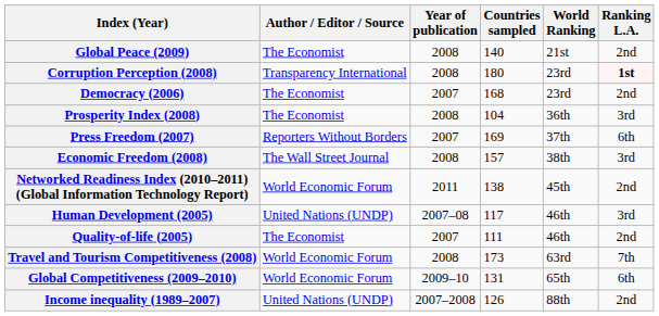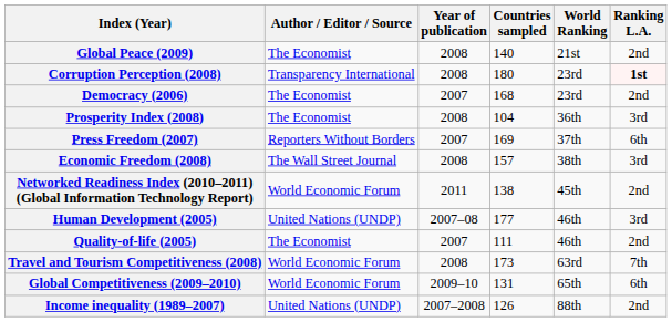 <table class="wikitable plainrowheaders">
 <tr>
 <th>Index (Year)</th>
 <th>Author / Editor / Source</th>
 <th>Year of<br>publication</th>
 <th>Countries<br>sampled</th>
 <th>World <br> Ranking</th>
 <th>Ranking<br>L.A.<br> </th>
 </tr>
 <tr>
 <th scope=row><a href='#'>Global Peace (2009)</a></th>
 <td><a href='#'>The Economist</a></td>
 <td style="text-align:center">2008</td>
 <td>140</td>
 <td>21st</td>
 <td style="text-align:center">2nd</td>
 </tr>
 <tr>
 <th scope=row><a href='#'>Corruption Perception (2008)</a></th>
 <td><a href='#'>Transparency International</a></td>
 <td style="text-align:center">2008</td>
 <td>180</td>
 <td>23rd</td>
 <td style="background:#fff3f3;text-align:center"><strong>1st</strong></td>
 </tr>
 <tr>
 <th scope=row><a href='#'>Democracy (2006)</a></th>
 <td><a href='#'>The Economist</a></td>
 <td style="text-align:center">2007</td>
 <td>168</td>
 <td>23rd</td>
 <td style="text-align:center">2nd</td>
 </tr>
 <tr>
 <th scope=row><a href='#'>Prosperity Index (2008)</a></th>
 <td><a href='#'>The Economist</a></td>
 <td style="text-align:center">2008</td>
 <td>104</td>
 <td>36th</td>
 <td style="text-align:center">3rd</td>
 </tr>
 <tr>
 <th scope=row><a href='#'>Press Freedom (2007)</a></th>
 <td><a href='#'>Reporters Without Borders</a></td>
 <td style="text-align:center">2007</td>
 <td>169</td>
 <td>37th</td>
 <td style="text-align:center">6th</td>
 </tr>
 <tr>
 <th scope=row><a href='#'>Economic Freedom (2008)</a></th>
 <td><a href='#'>The Wall Street Journal</a></td>
 <td style="text-align:center">2008</td>
 <td>157</td>
 <td>38th</td>
 <td style="text-align:center">3rd</td>
 </tr>
 <tr>
 <th scope=row><a href='#'>Networked Readiness Index</a> (2010–2011)<br>(Global Information Technology Report)</th>
 <td><a href='#'>World Economic Forum</a></td>
 <td style="text-align:center">2011</td>
 <td>138</td>
 <td>45th</td>
 <td style="text-align:center">2nd</td>
 </tr>
 <tr>
 <th scope=row><a href='#'>Human Development (2005)</a></th>
 <td><a href='#'>United Nations (UNDP)</a></td>
 <td style="text-align:center">2007–08</td>
-<td>117</td>
+<td>177</td>
 <td>46th</td>
 <td style="text-align:center">3rd</td>
 </tr>
 <tr>
 <th scope=row><a href='#'>Quality-of-life (2005)</a></th>
 <td><a href='#'>The Economist</a></td>
 <td style="text-align:center">2007</td>
 <td>111</td>
 <td>46th</td>
 <td style="text-align:center">2nd</td>
 </tr>
 <tr>
 <th scope=row><a href='#'>Travel and Tourism Competitiveness (2008)</a></th>
 <td><a href='#'>World Economic Forum</a></td>
 <td style="text-align:center">2008</td>
 <td>173</td>
 <td>63rd</td>
 <td style="text-align:center">7th</td>
 </tr>
 <tr>
 <th scope=row><a href='#'>Global Competitiveness (2009–2010)</a></th>
 <td><a href='#'>World Economic Forum</a></td>
 <td style="text-align:center">2009–10</td>
 <td>131</td>
 <td>65th</td>
 <td style="text-align:center">6th</td>
 </tr>
 <tr>
 <th scope=row><a href='#'>Income inequality (1989–2007)</a></th>
 <td><a href='#'>United Nations (UNDP)</a></td>
 <td style="text-align:center">2007–2008</td>
 <td>126</td>
 <td>88th</td>
 <td style="text-align:center">2nd</td>
 </tr>
 </table>
